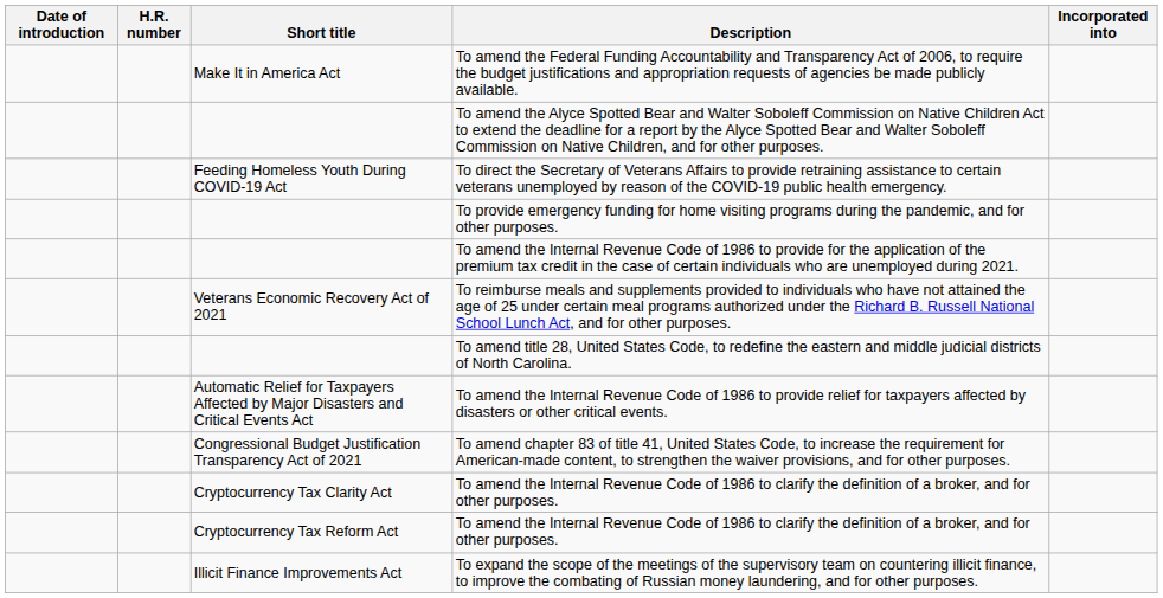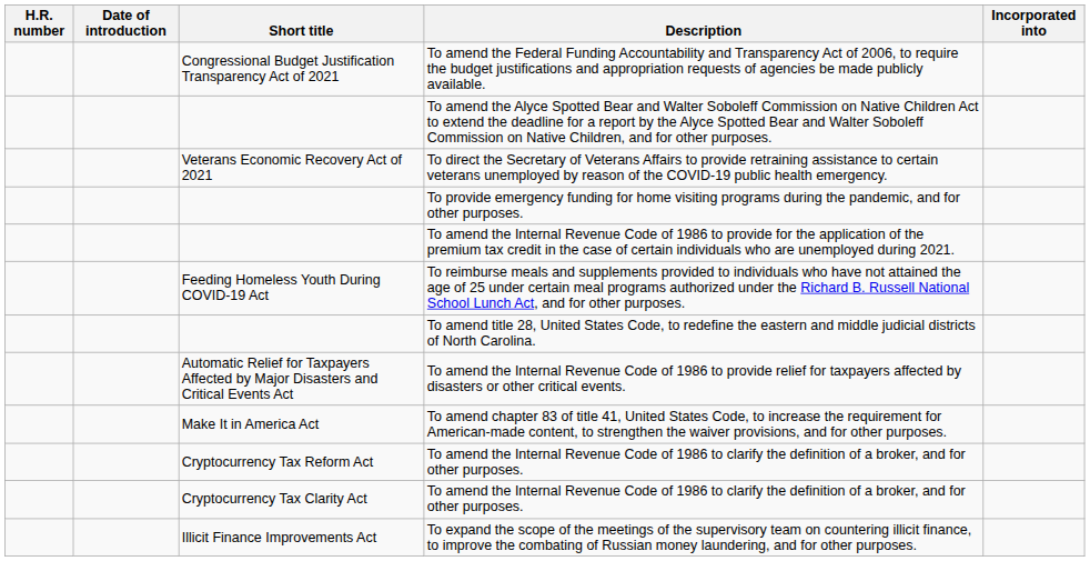 <table class="wikitable">
 <tr valign="bottom">
+<th>H.R. number</th>
 <th>Date of introduction</th>
-<th>H.R. number</th>
 <th>Short title</th>
 <th>Description</th>
 <th>Incorporated into</th>
 </tr>
 <tr>
 <td></td>
 <td></td>
-<td>Make It in America Act</td>
+<td>Congressional Budget Justification Transparency Act of 2021</td>
 <td>To amend the Federal Funding Accountability and Transparency Act of 2006, to require the budget justifications and appropriation requests of agencies be made publicly available.</td>
 <td></td>
 </tr>
 <tr>
 <td></td>
 <td></td>
 <td></td>
 <td>To amend the Alyce Spotted Bear and Walter Soboleff Commission on Native Children Act to extend the deadline for a report by the Alyce Spotted Bear and Walter Soboleff Commission on Native Children, and for other purposes.</td>
 <td></td>
 </tr>
 <tr>
 <td></td>
 <td></td>
-<td>Feeding Homeless Youth During COVID-19 Act</td>
+<td>Veterans Economic Recovery Act of 2021</td>
 <td>To direct the Secretary of Veterans Affairs to provide retraining assistance to certain veterans unemployed by reason of the COVID-19 public health emergency.</td>
 <td></td>
 </tr>
 <tr>
 <td></td>
 <td></td>
 <td></td>
 <td>To provide emergency funding for home visiting programs during the pandemic, and for other purposes.</td>
 <td></td>
 </tr>
 <tr>
 <td></td>
 <td></td>
 <td></td>
 <td>To amend the Internal Revenue Code of 1986 to provide for the application of the premium tax credit in the case of certain individuals who are unemployed during 2021.</td>
 <td></td>
 </tr>
 <tr>
 <td></td>
 <td></td>
-<td>Veterans Economic Recovery Act of 2021</td>
+<td>Feeding Homeless Youth During COVID-19 Act</td>
 <td>To reimburse meals and supplements provided to individuals who have not attained the age of 25 under certain meal programs authorized under the <a href='#'>Richard B. Russell National School Lunch Act</a>, and for other purposes.</td>
 <td></td>
 </tr>
 <tr>
 <td></td>
 <td></td>
 <td></td>
 <td>To amend title 28, United States Code, to redefine the eastern and middle judicial districts of North Carolina.</td>
 <td></td>
 </tr>
 <tr>
 <td></td>
 <td></td>
 <td>Automatic Relief for Taxpayers Affected by Major Disasters and Critical Events Act</td>
 <td>To amend the Internal Revenue Code of 1986 to provide relief for taxpayers affected by disasters or other critical events.</td>
 <td></td>
 </tr>
 <tr>
 <td></td>
 <td></td>
-<td>Congressional Budget Justification Transparency Act of 2021</td>
+<td>Make It in America Act</td>
 <td>To amend chapter 83 of title 41, United States Code, to increase the requirement for American-made content, to strengthen the waiver provisions, and for other purposes.</td>
+<td></td>
+</tr>
+<tr>
+<td></td>
+<td></td>
+<td>Cryptocurrency Tax Reform Act</td>
+<td>To amend the Internal Revenue Code of 1986 to clarify the definition of a broker, and for other purposes.</td>
 <td></td>
 </tr>
 <tr>
 <td></td>
 <td></td>
 <td>Cryptocurrency Tax Clarity Act</td>
 <td>To amend the Internal Revenue Code of 1986 to clarify the definition of a broker, and for other purposes.</td>
 <td></td>
 </tr>
 <tr>
 <td></td>
 <td></td>
-<td>Cryptocurrency Tax Reform Act</td>
-<td>To amend the Internal Revenue Code of 1986 to clarify the definition of a broker, and for other purposes.</td>
-<td></td>
-</tr>
-<tr>
-<td></td>
-<td></td>
 <td>Illicit Finance Improvements Act</td>
 <td>To expand the scope of the meetings of the supervisory team on countering illicit finance, to improve the combating of Russian money laundering, and for other purposes.</td>
 <td></td>
 </tr>
 </table>
